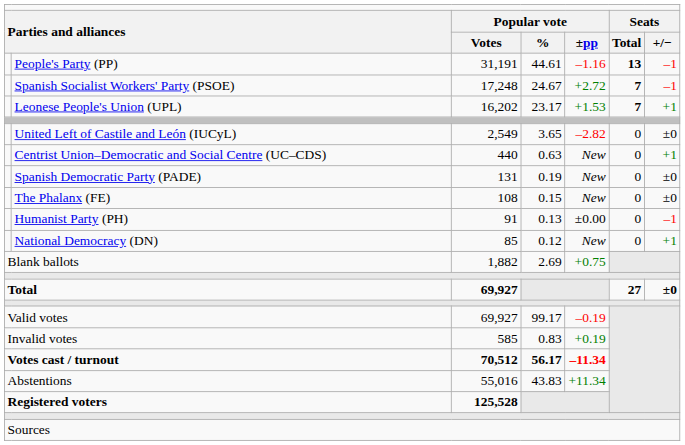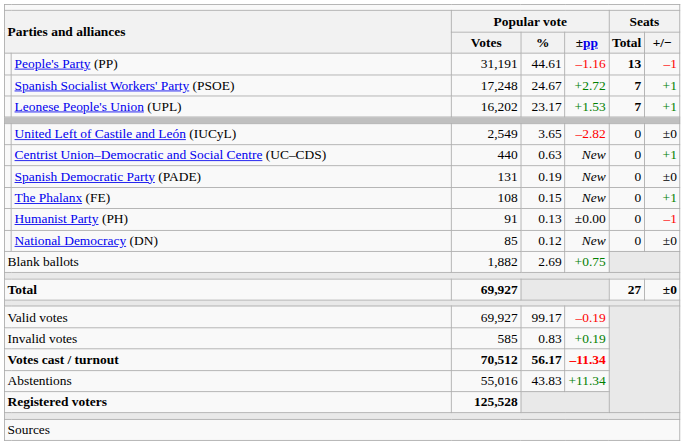 <table class="wikitable" style="text-align:right;">
 <tr>
 <td colspan="7"></td>
 </tr>
 <tr>
 <th style="text-align:left;" rowspan="2" colspan="2" width="525">Parties and alliances</th>
 <th colspan="3">Popular vote</th>
 <th colspan="2">Seats</th>
 </tr>
 <tr>
 <th width="75">Votes</th>
 <th width="45">%</th>
 <th width="45">±<a href='#'>pp</a></th>
 <th width="35">Total</th>
 <th width="35">+/−</th>
 </tr>
 <tr>
 <td width="1" style="color:inherit;background:"></td>
 <td align="left"><a href='#'>People's Party</a> (PP)</td>
 <td>31,191</td>
 <td>44.61</td>
 <td style="color:red;">–1.16</td>
 <td><strong>13</strong></td>
 <td style="color:red;">–1</td>
 </tr>
 <tr>
 <td style="color:inherit;background:"></td>
 <td align="left"><a href='#'>Spanish Socialist Workers' Party</a> (PSOE)</td>
 <td>17,248</td>
 <td>24.67</td>
 <td style="color:green;">+2.72</td>
 <td><strong>7</strong></td>
-<td style="color:red;">–1</td>
+<td style="color:green;">+1</td>
 </tr>
 <tr>
 <td style="color:inherit;background:"></td>
 <td align="left"><a href='#'>Leonese People's Union</a> (UPL)</td>
 <td>16,202</td>
 <td>23.17</td>
 <td style="color:green;">+1.53</td>
 <td><strong>7</strong></td>
 <td style="color:green;">+1</td>
 </tr>
 <tr>
 <td colspan="7" bgcolor="#C0C0C0"></td>
 </tr>
 <tr>
 <td style="color:inherit;background:"></td>
 <td align="left"><a href='#'>United Left of Castile and León</a> (IUCyL)</td>
 <td>2,549</td>
 <td>3.65</td>
 <td style="color:red;">–2.82</td>
 <td>0</td>
 <td>±0</td>
 </tr>
 <tr>
 <td style="color:inherit;background:"></td>
 <td align="left"><a href='#'>Centrist Union–Democratic and Social Centre</a> (UC–CDS)</td>
 <td>440</td>
 <td>0.63</td>
 <td><em>New</em></td>
 <td>0</td>
 <td style="color:green;">+1</td>
 </tr>
 <tr>
 <td style="color:inherit;background:"></td>
 <td align="left"><a href='#'>Spanish Democratic Party</a> (PADE)</td>
 <td>131</td>
 <td>0.19</td>
 <td><em>New</em></td>
 <td>0</td>
 <td>±0</td>
 </tr>
 <tr>
 <td style="color:inherit;background:"></td>
 <td align="left"><a href='#'>The Phalanx</a> (FE)</td>
 <td>108</td>
 <td>0.15</td>
 <td><em>New</em></td>
 <td>0</td>
-<td>±0</td>
+<td style="color:green;">+1</td>
 </tr>
 <tr>
 <td style="color:inherit;background:"></td>
 <td align="left"><a href='#'>Humanist Party</a> (PH)</td>
 <td>91</td>
 <td>0.13</td>
 <td>±0.00</td>
 <td>0</td>
 <td style="color:red;">–1</td>
 </tr>
 <tr>
 <td style="color:inherit;background:"></td>
 <td align="left"><a href='#'>National Democracy</a> (DN)</td>
 <td>85</td>
 <td>0.12</td>
 <td><em>New</em></td>
 <td>0</td>
-<td style="color:green;">+1</td>
+<td>±0</td>
 </tr>
 <tr>
 <td align="left" colspan="2">Blank ballots</td>
 <td>1,882</td>
 <td>2.69</td>
 <td style="color:green;">+0.75</td>
 <td bgcolor="#E9E9E9" colspan="2"></td>
 </tr>
 <tr>
 <td colspan="7" bgcolor="#E9E9E9"></td>
 </tr>
 <tr style="font-weight:bold;">
 <td align="left" colspan="2">Total</td>
 <td>69,927</td>
 <td bgcolor="#E9E9E9" colspan="2"></td>
 <td>27</td>
 <td>±0</td>
 </tr>
 <tr>
 <td colspan="7" bgcolor="#E9E9E9"></td>
 </tr>
 <tr>
 <td align="left" colspan="2">Valid votes</td>
 <td>69,927</td>
 <td>99.17</td>
 <td style="color:red;">–0.19</td>
 <td bgcolor="#E9E9E9" colspan="2" rowspan="5"></td>
 </tr>
 <tr>
 <td align="left" colspan="2">Invalid votes</td>
 <td>585</td>
 <td>0.83</td>
 <td style="color:green;">+0.19</td>
 </tr>
 <tr style="font-weight:bold;">
 <td align="left" colspan="2">Votes cast / turnout</td>
 <td>70,512</td>
 <td>56.17</td>
 <td style="color:red;">–11.34</td>
 </tr>
 <tr>
 <td align="left" colspan="2">Abstentions</td>
 <td>55,016</td>
 <td>43.83</td>
 <td style="color:green;">+11.34</td>
 </tr>
 <tr style="font-weight:bold;">
 <td align="left" colspan="2">Registered voters</td>
 <td>125,528</td>
 <td bgcolor="#E9E9E9" colspan="2"></td>
 </tr>
 <tr>
 <td colspan="7" bgcolor="#E9E9E9"></td>
 </tr>
 <tr>
 <td align="left" colspan="7">Sources</td>
 </tr>
 </table>
